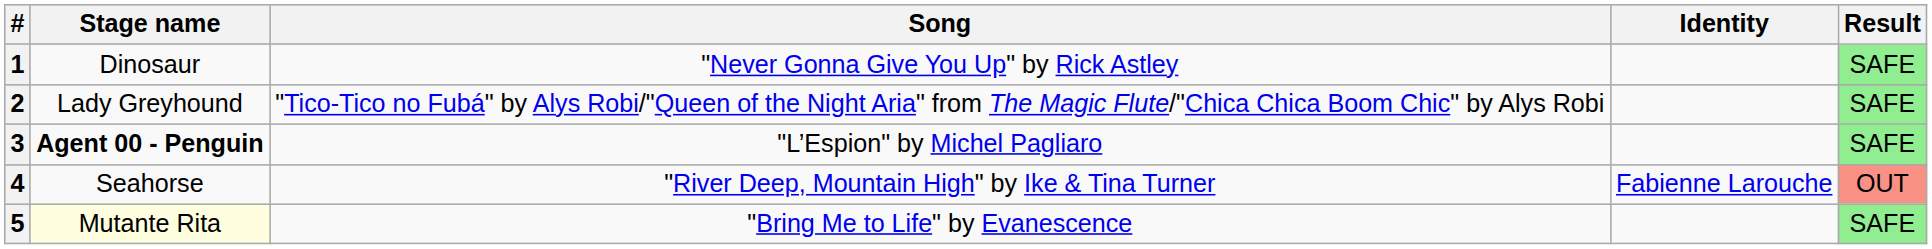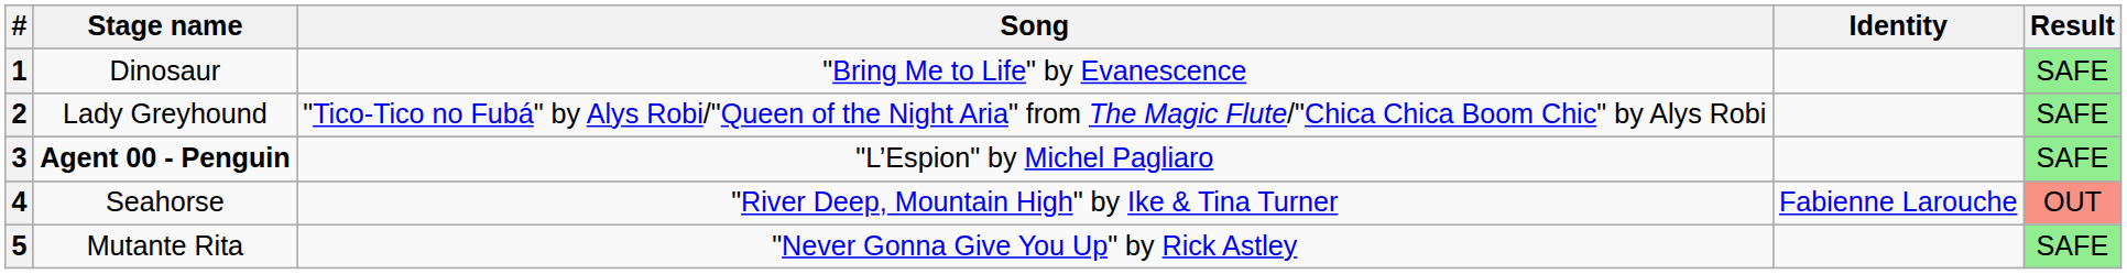 <table class="wikitable plainrowheaders" style="text-align: center">
 <tr>
 <th>#</th>
 <th>Stage name</th>
 <th>Song</th>
 <th>Identity</th>
 <th>Result</th>
 </tr>
 <tr>
 <th>1</th>
 <td>Dinosaur</td>
-<td>"<a href='#'>Never Gonna Give You Up</a>" by <a href='#'>Rick Astley</a></td>
+<td>"<a href='#'>Bring Me to Life</a>" by <a href='#'>Evanescence</a></td>
 <td></td>
 <td bgcolor="lightgreen">SAFE</td>
 </tr>
 <tr>
 <th>2</th>
 <td>Lady Greyhound</td>
 <td>"<a href='#'>Tico-Tico no Fubá</a>" by <a href='#'>Alys Robi</a>/"<a href='#'>Queen of the Night Aria</a>" from <em><a href='#'>The Magic Flute</a></em>/"<a href='#'>Chica Chica Boom Chic</a>" by Alys Robi</td>
 <td></td>
 <td bgcolor="lightgreen">SAFE</td>
 </tr>
 <tr>
 <th>3</th>
 <td><strong>Agent 00 - Penguin</strong></td>
 <td>"L’Espion" by <a href='#'>Michel Pagliaro</a></td>
 <td></td>
 <td bgcolor="lightgreen">SAFE</td>
 </tr>
 <tr>
 <th>4</th>
 <td>Seahorse</td>
 <td>"<a href='#'>River Deep, Mountain High</a>" by <a href='#'>Ike & Tina Turner</a></td>
 <td><a href='#'>Fabienne Larouche</a></td>
 <td bgcolor="#F99185">OUT</td>
 </tr>
 <tr>
 <th>5</th>
-<td style="background: lightyellow;">Mutante Rita</td>
-<td>"<a href='#'>Bring Me to Life</a>" by <a href='#'>Evanescence</a></td>
+<td>Mutante Rita</td>
+<td>"<a href='#'>Never Gonna Give You Up</a>" by <a href='#'>Rick Astley</a></td>
 <td></td>
 <td bgcolor="lightgreen">SAFE</td>
 </tr>
 </table>
